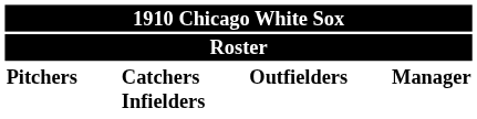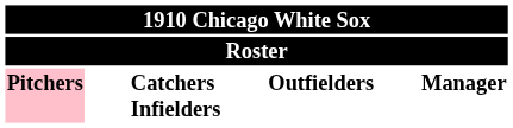 <table class="toccolours" style="font-size: 95%;">
 <tr>
 <th colspan="10" style="background-color: black; color: white; text-align: center;">1910 Chicago White Sox</th>
 </tr>
 <tr>
 <td colspan="10" style="background-color: black; color: white; text-align: center;"><strong>Roster</strong></td>
 </tr>
 <tr>
-<td valign="top"><strong>Pitchers</strong><br>        </td>
+<td valign="top" style="background: pink;"><strong>Pitchers</strong><br>        </td>
 <td width="25px"></td>
 <td valign="top"><strong>Catchers</strong><br>   <strong>Infielders</strong>         </td>
 <td width="25px"></td>
 <td valign="top"><strong>Outfielders</strong><br>            </td>
 <td width="25px"></td>
 <td valign="top"><strong>Manager</strong><br></td>
 </tr>
 </table>
